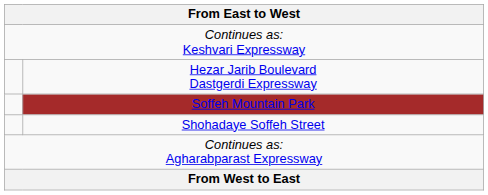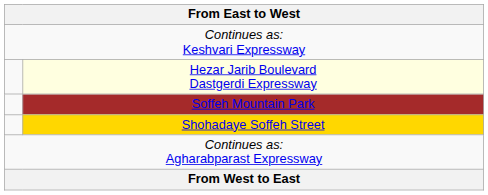 <table class="wikitable" style="text-align:center" width="600px">
 <tr>
 <th text-align="center" colspan="3"> From East to West </th>
 </tr>
 <tr>
 <td colspan="7" align="center"><em>Continues as:</em><br> <a href='#'>Keshvari Expressway</a></td>
 </tr>
 <tr>
 <td><br></td>
-<td> <a href='#'>Hezar Jarib Boulevard</a><br> <a href='#'>Dastgerdi Expressway</a></td>
+<td style="background: lightyellow;"> <a href='#'>Hezar Jarib Boulevard</a><br> <a href='#'>Dastgerdi Expressway</a></td>
 </tr>
 <tr>
 <td></td>
 <td text-align="center" colspan="3" style="background: brown; color: white;"><a href='#'><span>Soffeh Mountain Park</span></a></td>
 </tr>
 <tr>
 <td><br></td>
-<td> <a href='#'>Shohadaye Soffeh Street</a></td>
+<td style="background: gold;"> <a href='#'>Shohadaye Soffeh Street</a></td>
 </tr>
 <tr>
 <td colspan="7" align="center"><em>Continues as:</em><br> <a href='#'>Agharabparast Expressway</a></td>
 </tr>
 <tr>
 <th text-align="center" colspan="3"> From West to East </th>
 </tr>
 </table>
